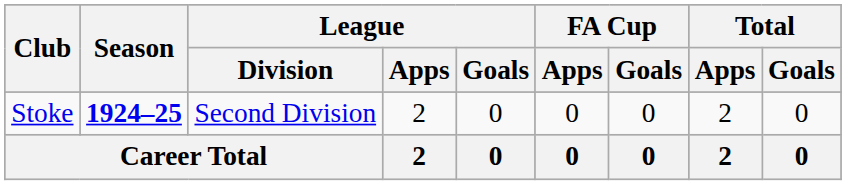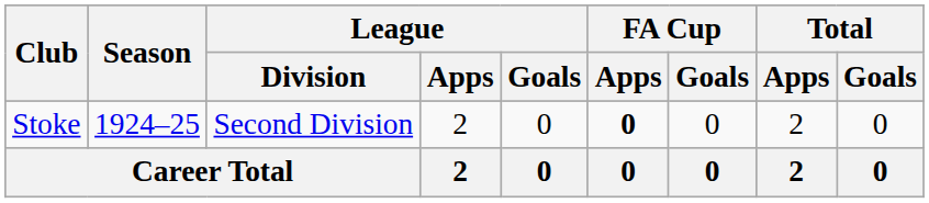 <table class="wikitable" style="text-align: center;">
 <tr>
 <th rowspan="2">Club</th>
 <th rowspan="2">Season</th>
 <th colspan="3">League</th>
 <th colspan="2">FA Cup</th>
 <th colspan="2">Total</th>
 </tr>
 <tr>
 <th>Division</th>
 <th>Apps</th>
 <th>Goals</th>
 <th>Apps</th>
 <th>Goals</th>
 <th>Apps</th>
 <th>Goals</th>
 </tr>
 <tr>
 <td><a href='#'>Stoke</a></td>
-<td><strong><a href='#'>1924–25</a></strong></td>
+<td><a href='#'>1924–25</a></td>
 <td><a href='#'>Second Division</a></td>
 <td>2</td>
 <td>0</td>
-<td>0</td>
+<td><strong>0</strong></td>
 <td>0</td>
 <td>2</td>
 <td>0</td>
 </tr>
 <tr>
 <th colspan="3">Career Total</th>
 <th>2</th>
 <th>0</th>
 <th>0</th>
 <th>0</th>
 <th>2</th>
 <th>0</th>
 </tr>
 </table>
